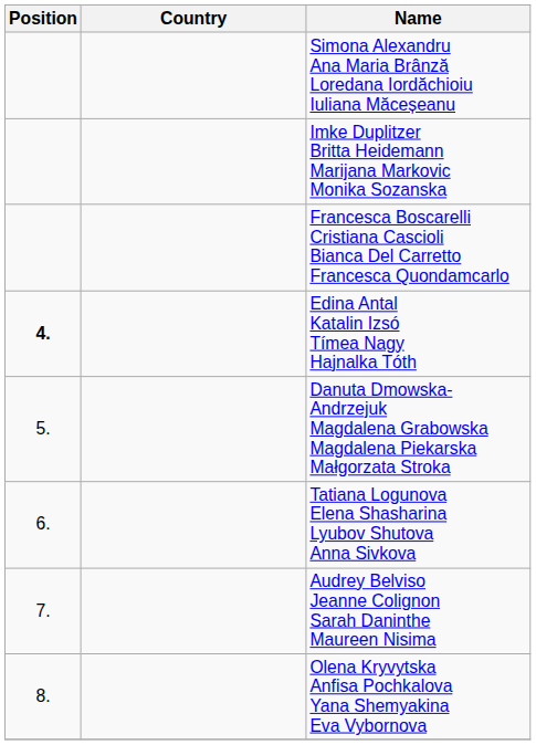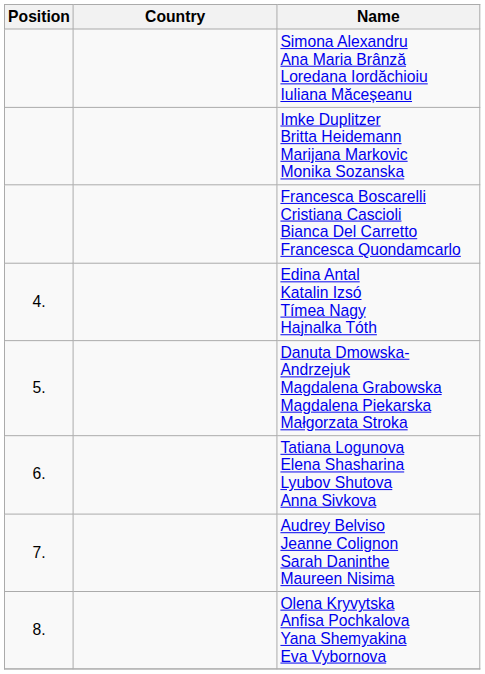 <table class="wikitable">
 <tr>
 <th width="10">Position</th>
 <th width="200">Country</th>
 <th width="200">Name</th>
 </tr>
 <tr>
 <td align="center"></td>
 <td></td>
 <td><a href='#'>Simona Alexandru</a><br><a href='#'>Ana Maria Brânză</a><br><a href='#'>Loredana Iordăchioiu</a><br><a href='#'>Iuliana Măceșeanu</a></td>
 </tr>
 <tr>
 <td align="center"></td>
 <td></td>
 <td><a href='#'>Imke Duplitzer</a><br><a href='#'>Britta Heidemann</a><br><a href='#'>Marijana Markovic</a><br><a href='#'>Monika Sozanska</a></td>
 </tr>
 <tr>
 <td align="center"></td>
 <td></td>
 <td><a href='#'>Francesca Boscarelli</a><br><a href='#'>Cristiana Cascioli</a><br><a href='#'>Bianca Del Carretto</a><br><a href='#'>Francesca Quondamcarlo</a></td>
 </tr>
 <tr>
-<td align="center"><strong>4.</strong></td>
+<td align="center">4.</td>
 <td></td>
 <td><a href='#'>Edina Antal</a><br><a href='#'>Katalin Izsó</a><br><a href='#'>Tímea Nagy</a><br><a href='#'>Hajnalka Tóth</a></td>
 </tr>
 <tr>
 <td align="center">5.</td>
 <td></td>
 <td><a href='#'>Danuta Dmowska-Andrzejuk</a><br><a href='#'>Magdalena Grabowska</a><br><a href='#'>Magdalena Piekarska</a><br><a href='#'>Małgorzata Stroka</a></td>
 </tr>
 <tr>
 <td align="center">6.</td>
 <td></td>
 <td><a href='#'>Tatiana Logunova</a><br><a href='#'>Elena Shasharina</a><br><a href='#'>Lyubov Shutova</a><br><a href='#'>Anna Sivkova</a></td>
 </tr>
 <tr>
 <td align="center">7.</td>
 <td></td>
 <td><a href='#'>Audrey Belviso</a><br><a href='#'>Jeanne Colignon</a><br><a href='#'>Sarah Daninthe</a><br><a href='#'>Maureen Nisima</a></td>
 </tr>
 <tr>
 <td align="center">8.</td>
 <td></td>
 <td><a href='#'>Olena Kryvytska</a><br><a href='#'>Anfisa Pochkalova</a><br><a href='#'>Yana Shemyakina</a><br><a href='#'>Eva Vybornova</a></td>
 </tr>
 <tr>
 </tr>
 </table>
